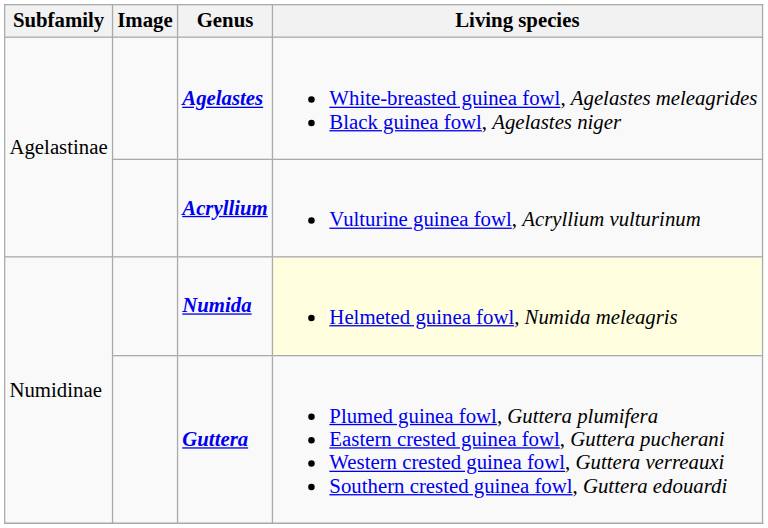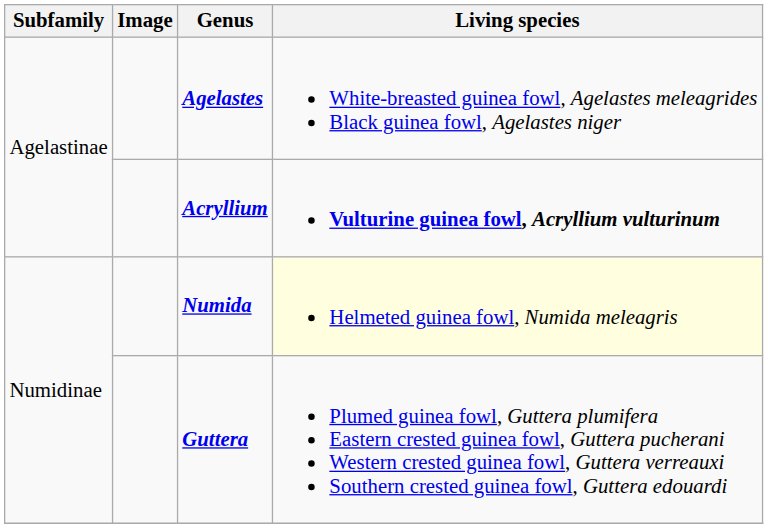 <table class="wikitable">
 <tr>
 <th>Subfamily</th>
 <th>Image</th>
 <th>Genus</th>
 <th>Living species</th>
 </tr>
 <tr>
 <td rowspan="2">Agelastinae</td>
 <td></td>
 <td><strong><em><a href='#'>Agelastes</a></em></strong> </td>
 <td><br><ul><li><a href='#'>White-breasted guinea fowl</a>, <em>Agelastes meleagrides</em></li><li><a href='#'>Black guinea fowl</a>, <em>Agelastes niger</em></li></ul></td>
 </tr>
 <tr>
 <td></td>
 <td><strong><em><a href='#'>Acryllium</a></em></strong> </td>
-<td><br><ul><li><a href='#'>Vulturine guinea fowl</a>, <em>Acryllium vulturinum</em></li></ul></td>
+<td><strong><br><ul><li><a href='#'>Vulturine guinea fowl</a>, <em>Acryllium vulturinum</em></li></ul></strong></td>
 </tr>
 <tr>
 <td rowspan="2">Numidinae</td>
 <td></td>
 <td><strong><em><a href='#'>Numida</a></em></strong> </td>
 <td style="background: lightyellow;"><br><ul><li><a href='#'>Helmeted guinea fowl</a>, <em>Numida meleagris</em></li></ul></td>
 </tr>
 <tr>
 <td></td>
 <td><strong><em><a href='#'>Guttera</a></em></strong> </td>
 <td><br><ul><li><a href='#'>Plumed guinea fowl</a>, <em>Guttera plumifera</em></li><li><a href='#'>Eastern crested guinea fowl</a>, <em>Guttera pucherani</em></li><li><a href='#'>Western crested guinea fowl</a>, <em>Guttera verreauxi</em></li><li><a href='#'>Southern crested guinea fowl</a>, <em>Guttera edouardi</em></li></ul></td>
 </tr>
 <tr>
 </tr>
 </table>
